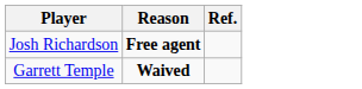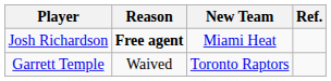 <table class="wikitable sortable sortable" style="text-align: center">
 <tr>
 <th>Player</th>
 <th>Reason</th>
+<th>New Team</th>
 <th>Ref.</th>
 </tr>
 <tr>
 <td><a href='#'>Josh Richardson</a></td>
 <td><strong>Free agent</strong></td>
+<td><a href='#'>Miami Heat</a></td>
 <td></td>
 </tr>
 <tr>
 <td><a href='#'>Garrett Temple</a></td>
-<td><strong>Waived</strong></td>
+<td>Waived</td>
+<td><a href='#'>Toronto Raptors</a></td>
 <td></td>
 </tr>
 </table>
